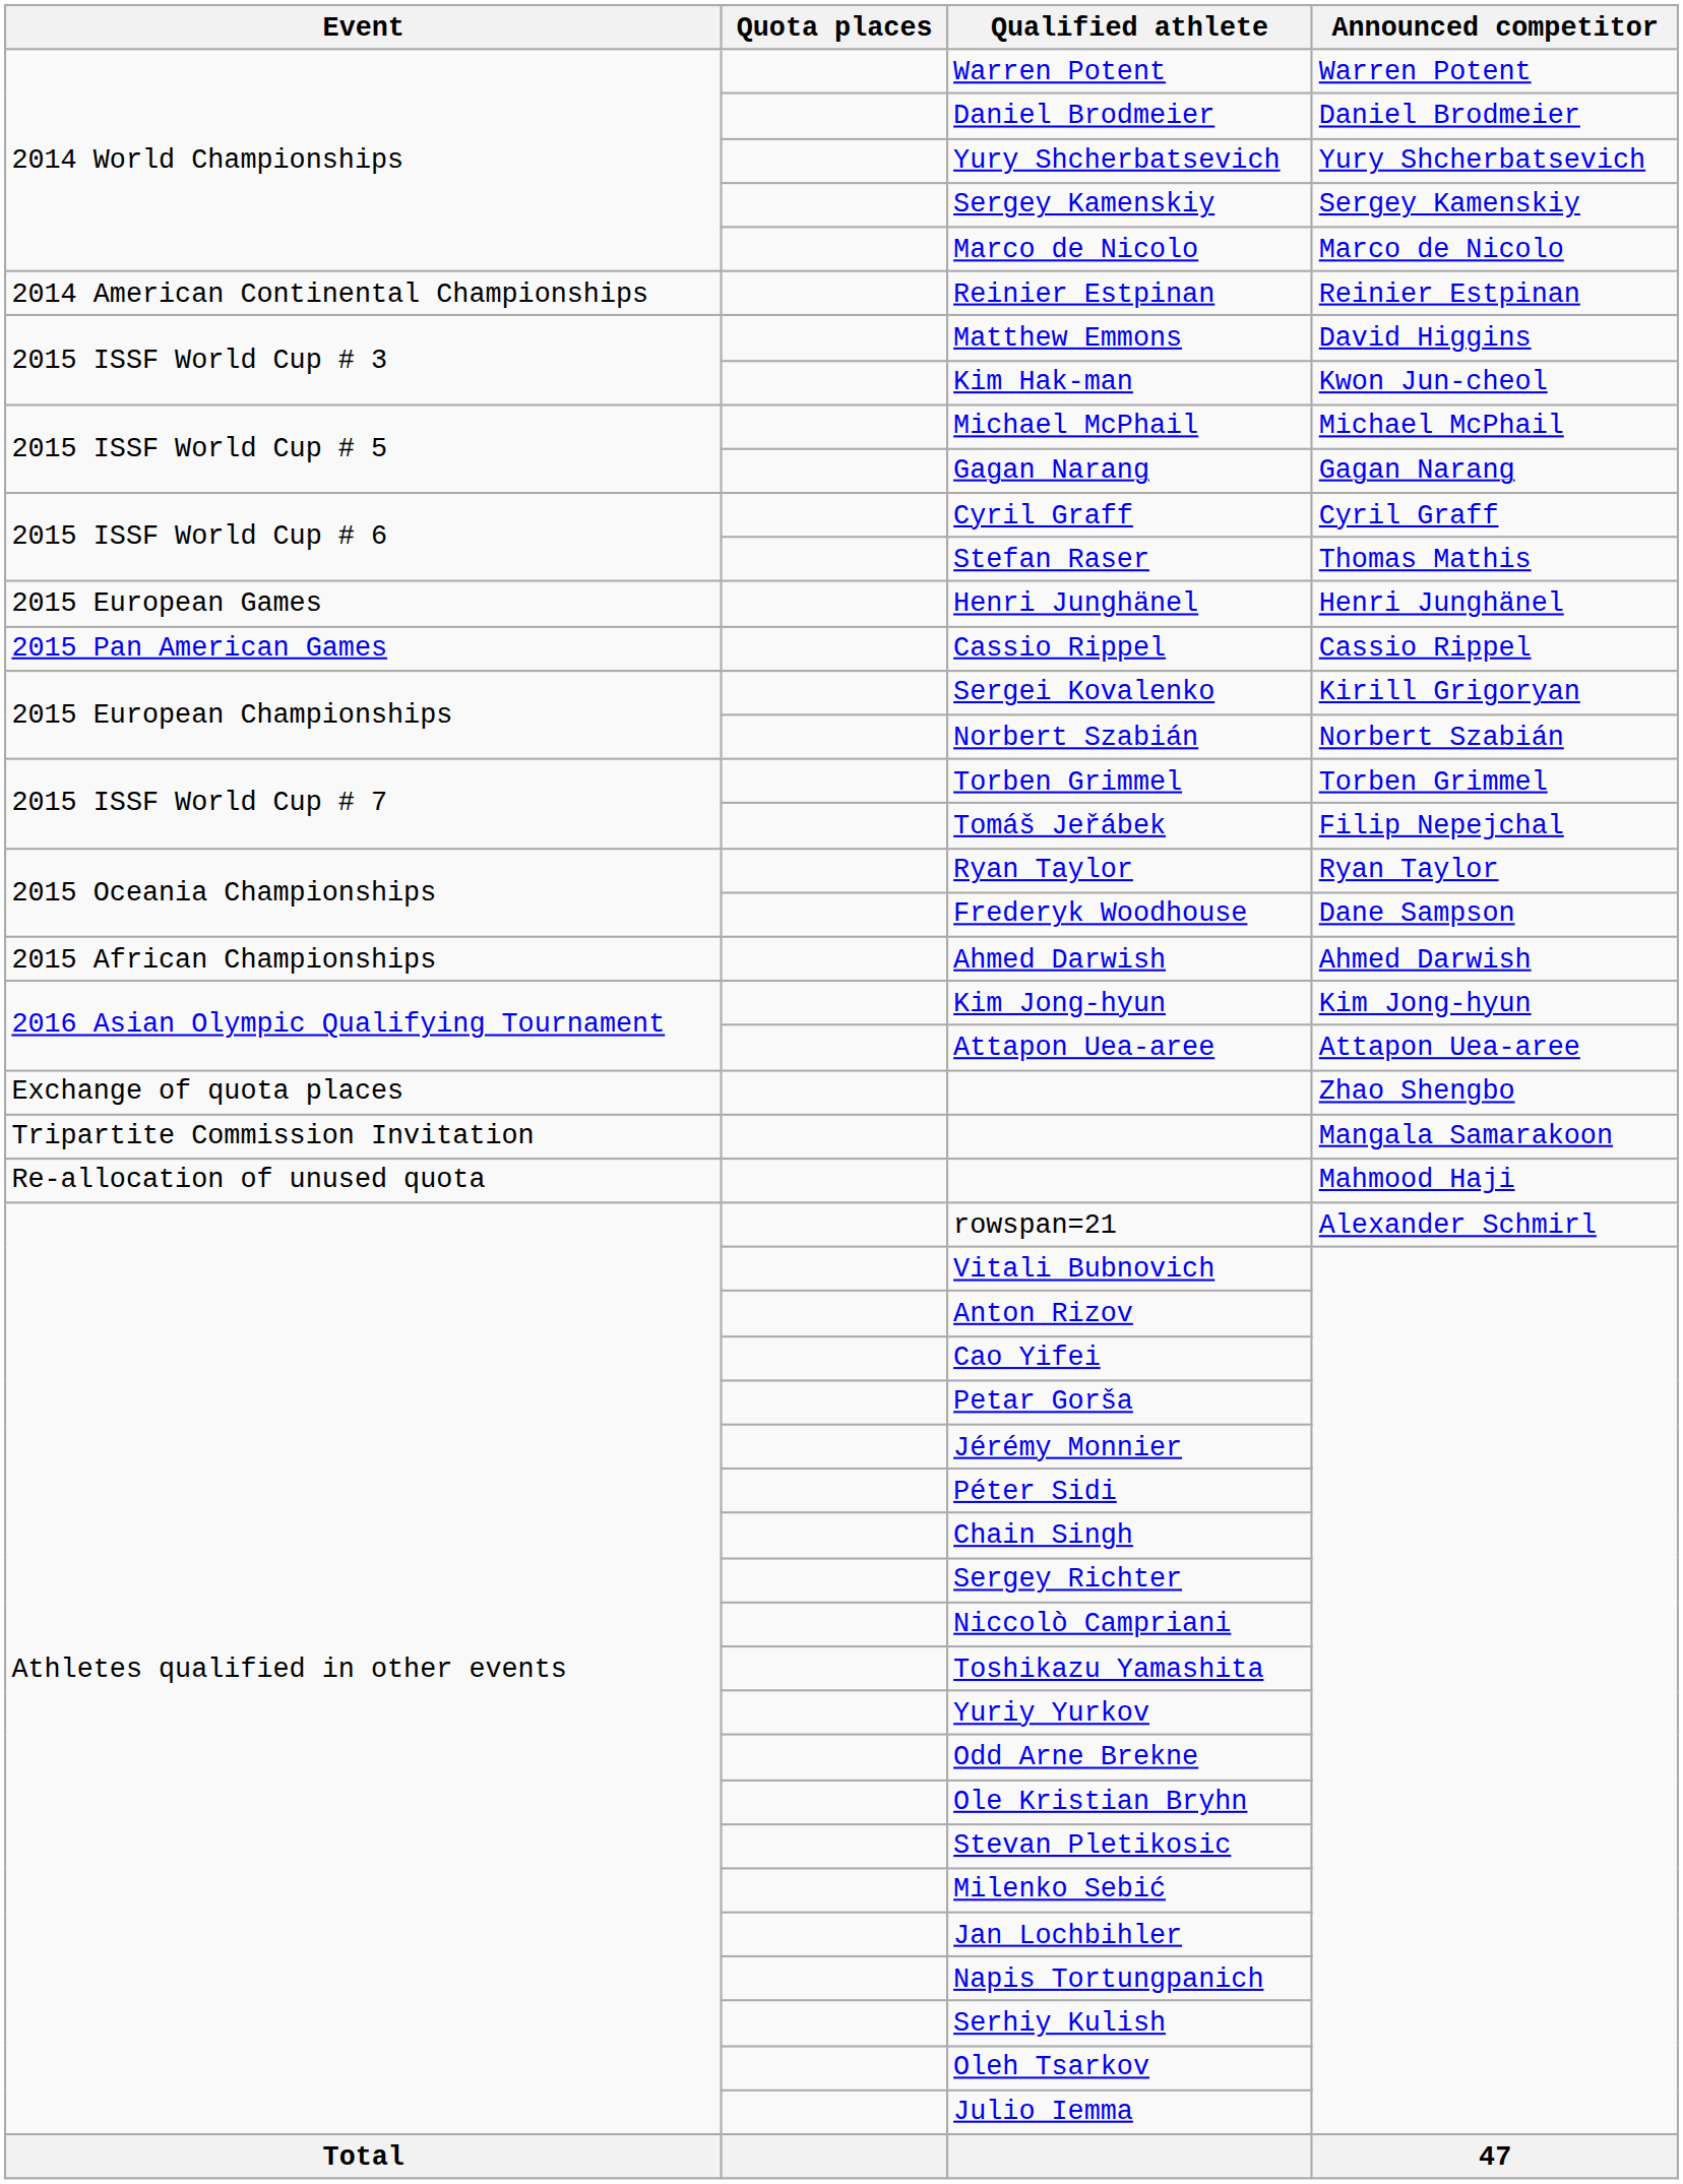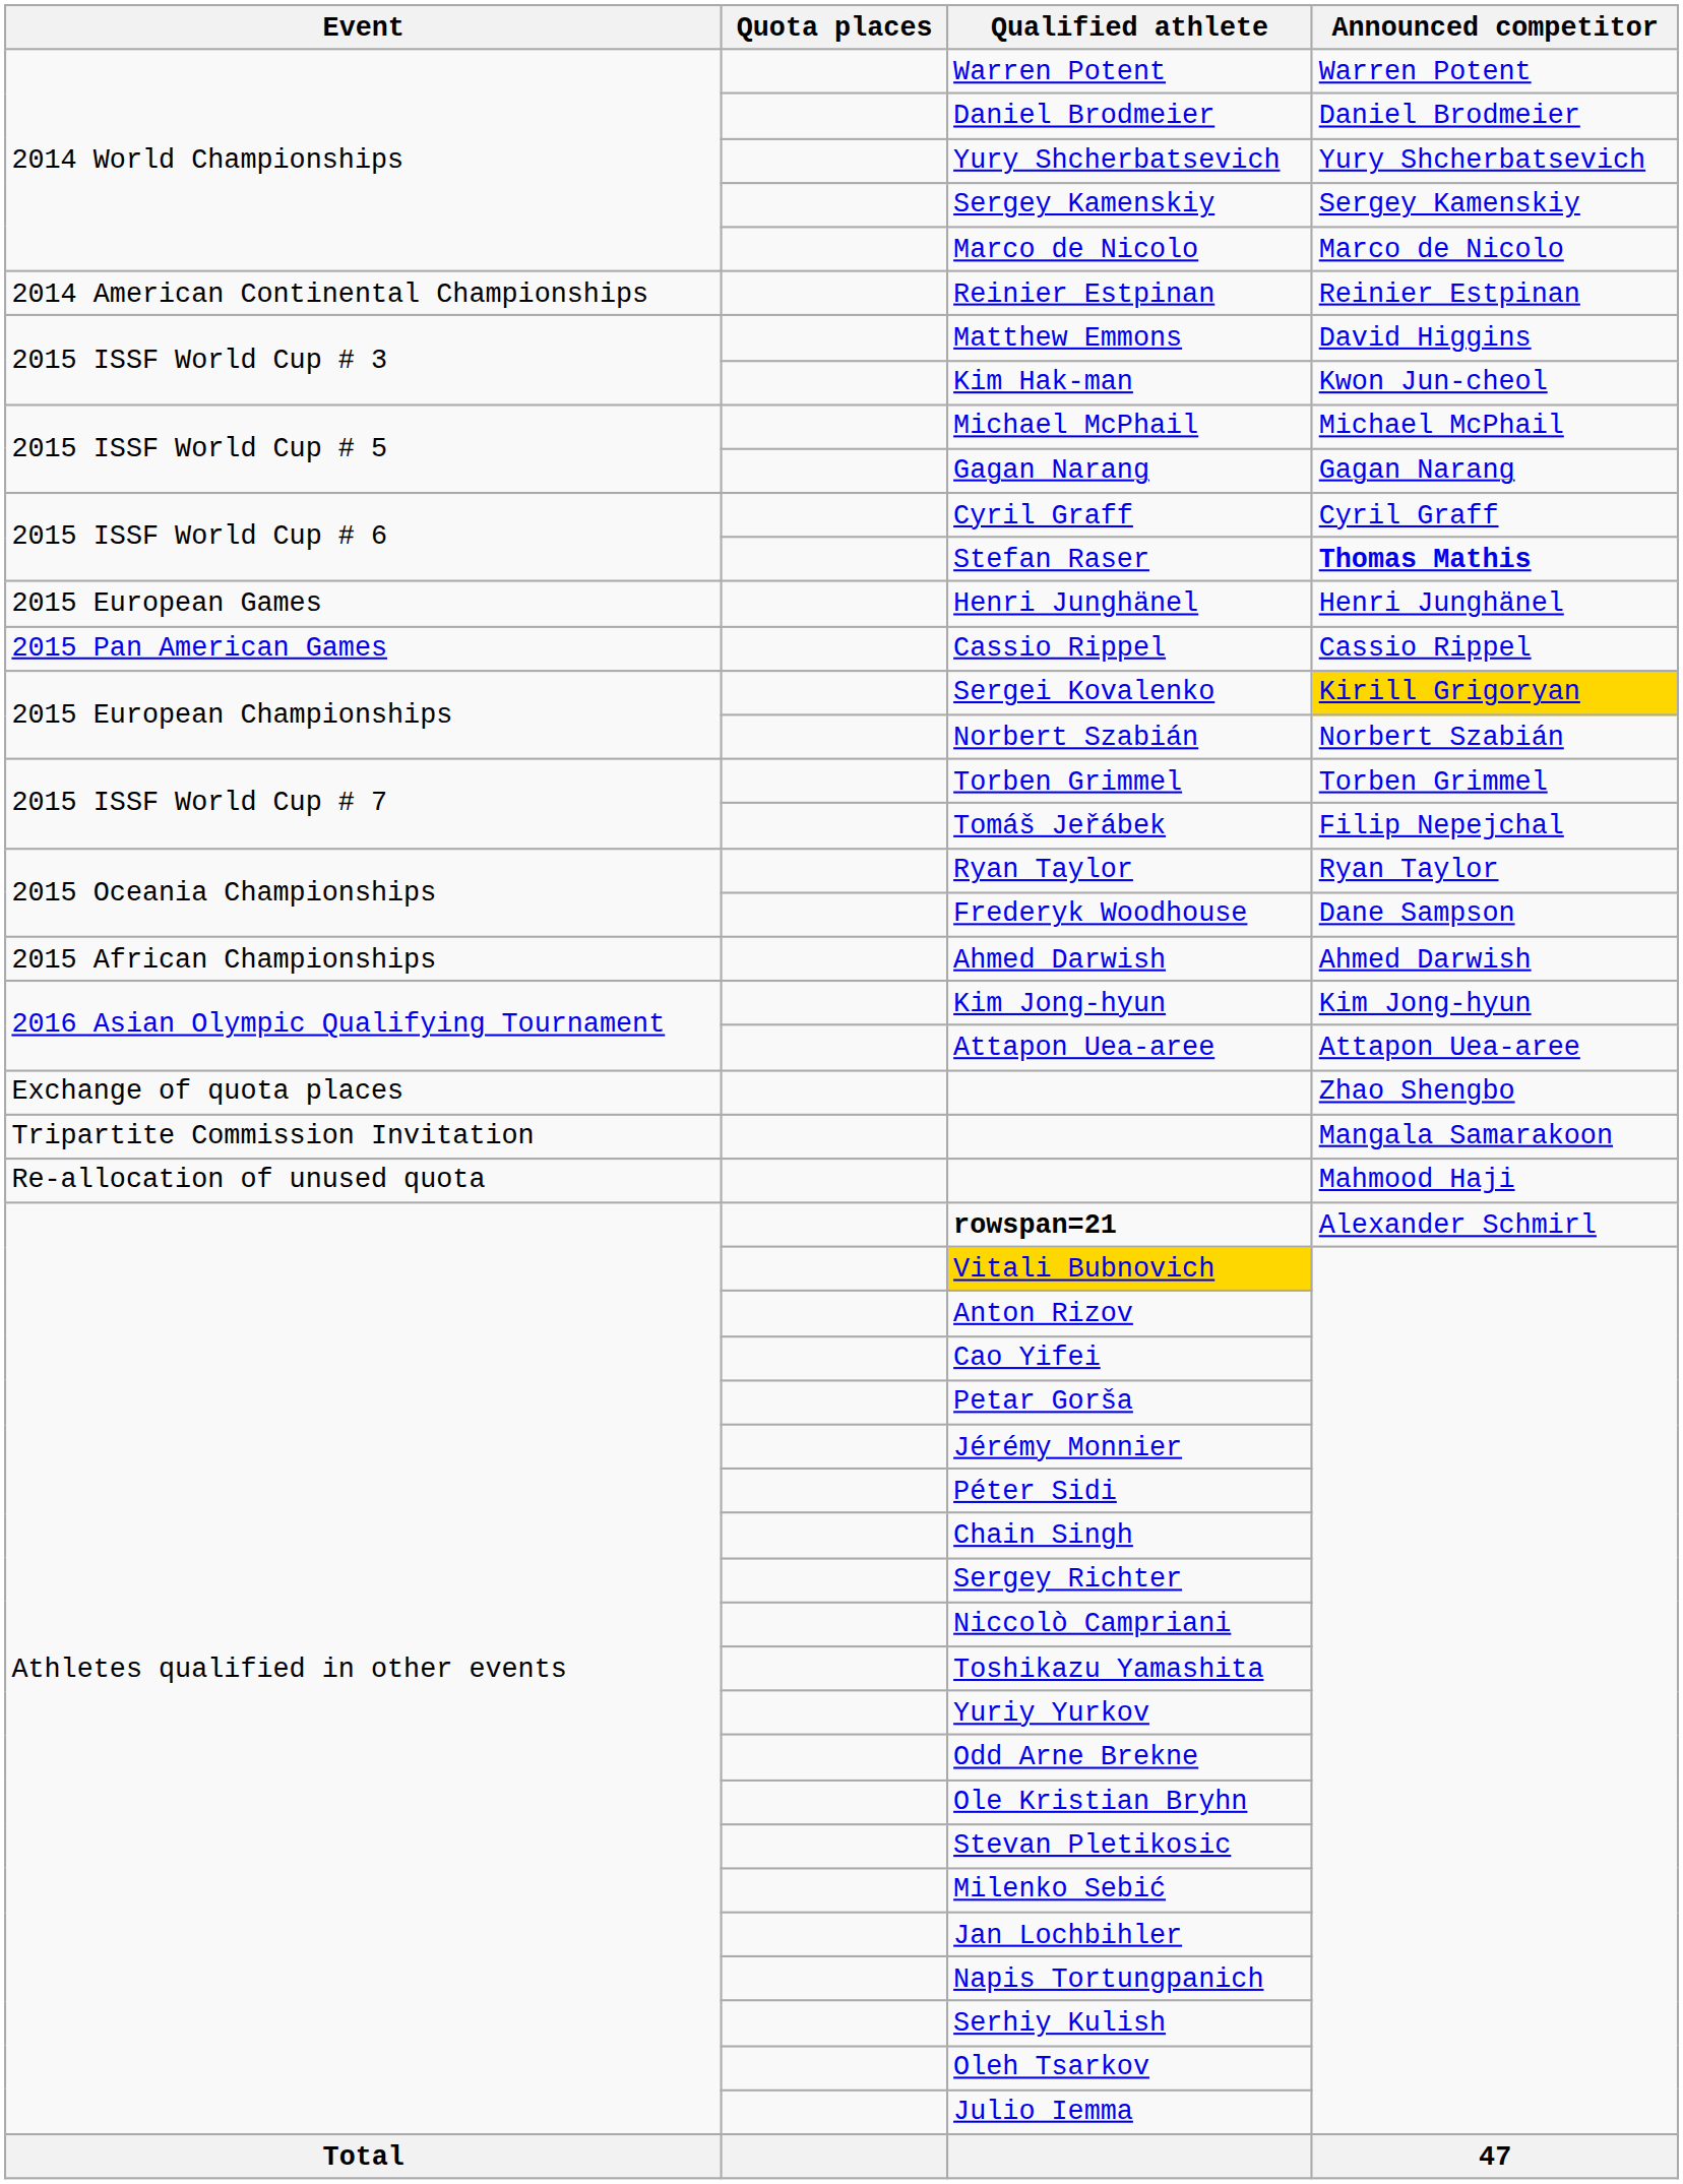 <table class=wikitable style="text-align:left" width=800>
 <tr>
 <th>Event</th>
 <th>Quota places</th>
 <th>Qualified athlete</th>
 <th>Announced competitor</th>
 </tr>
 <tr>
 <td rowspan="5">2014 World Championships</td>
 <td></td>
 <td><a href='#'>Warren Potent</a></td>
 <td><a href='#'>Warren Potent</a></td>
 </tr>
 <tr>
 <td></td>
 <td><a href='#'>Daniel Brodmeier</a></td>
 <td><a href='#'>Daniel Brodmeier</a></td>
 </tr>
 <tr>
 <td></td>
 <td><a href='#'>Yury Shcherbatsevich</a></td>
 <td><a href='#'>Yury Shcherbatsevich</a></td>
 </tr>
 <tr>
 <td></td>
 <td><a href='#'>Sergey Kamenskiy</a></td>
 <td><a href='#'>Sergey Kamenskiy</a></td>
 </tr>
 <tr>
 <td></td>
 <td><a href='#'>Marco de Nicolo</a></td>
 <td><a href='#'>Marco de Nicolo</a></td>
 </tr>
 <tr>
 <td>2014 American Continental Championships</td>
 <td></td>
 <td><a href='#'>Reinier Estpinan</a></td>
 <td><a href='#'>Reinier Estpinan</a></td>
 </tr>
 <tr>
 <td rowspan="2">2015 ISSF World Cup # 3</td>
 <td></td>
 <td><a href='#'>Matthew Emmons</a></td>
 <td><a href='#'>David Higgins</a></td>
 </tr>
 <tr>
 <td></td>
 <td><a href='#'>Kim Hak-man</a></td>
 <td><a href='#'>Kwon Jun-cheol</a></td>
 </tr>
 <tr>
 <td rowspan="2">2015 ISSF World Cup # 5</td>
 <td></td>
 <td><a href='#'>Michael McPhail</a></td>
 <td><a href='#'>Michael McPhail</a></td>
 </tr>
 <tr>
 <td></td>
 <td><a href='#'>Gagan Narang</a></td>
 <td><a href='#'>Gagan Narang</a></td>
 </tr>
 <tr>
 <td rowspan="2">2015 ISSF World Cup # 6</td>
 <td></td>
 <td><a href='#'>Cyril Graff</a></td>
 <td><a href='#'>Cyril Graff</a></td>
 </tr>
 <tr>
 <td></td>
 <td><a href='#'>Stefan Raser</a></td>
-<td><a href='#'>Thomas Mathis</a></td>
+<td><strong><a href='#'>Thomas Mathis</a></strong></td>
 </tr>
 <tr>
 <td rowspan="1">2015 European Games</td>
 <td></td>
 <td><a href='#'>Henri Junghänel</a></td>
 <td><a href='#'>Henri Junghänel</a></td>
 </tr>
 <tr>
 <td rowspan="1"><a href='#'>2015 Pan American Games</a></td>
 <td></td>
 <td><a href='#'>Cassio Rippel</a></td>
 <td><a href='#'>Cassio Rippel</a></td>
 </tr>
 <tr>
 <td rowspan="2">2015 European Championships</td>
 <td></td>
 <td><a href='#'>Sergei Kovalenko</a></td>
-<td><a href='#'>Kirill Grigoryan</a></td>
+<td style="background: gold;"><a href='#'>Kirill Grigoryan</a></td>
 </tr>
 <tr>
 <td></td>
 <td><a href='#'>Norbert Szabián</a></td>
 <td><a href='#'>Norbert Szabián</a></td>
 </tr>
 <tr>
 <td rowspan="2">2015 ISSF World Cup # 7</td>
 <td></td>
 <td><a href='#'>Torben Grimmel</a></td>
 <td><a href='#'>Torben Grimmel</a></td>
 </tr>
 <tr>
 <td></td>
 <td><a href='#'>Tomáš Jeřábek</a></td>
 <td><a href='#'>Filip Nepejchal</a></td>
 </tr>
 <tr>
 <td rowspan="2">2015 Oceania Championships</td>
 <td></td>
 <td><a href='#'>Ryan Taylor</a></td>
 <td><a href='#'>Ryan Taylor</a></td>
 </tr>
 <tr>
 <td></td>
 <td><a href='#'>Frederyk Woodhouse</a></td>
 <td><a href='#'>Dane Sampson</a></td>
 </tr>
 <tr>
 <td rowspan="1">2015 African Championships</td>
 <td></td>
 <td><a href='#'>Ahmed Darwish</a></td>
 <td><a href='#'>Ahmed Darwish</a></td>
 </tr>
 <tr>
 <td rowspan="2"><a href='#'>2016 Asian Olympic Qualifying Tournament</a></td>
 <td></td>
 <td><a href='#'>Kim Jong-hyun</a></td>
 <td><a href='#'>Kim Jong-hyun</a></td>
 </tr>
 <tr>
 <td></td>
 <td><a href='#'>Attapon Uea-aree</a></td>
 <td><a href='#'>Attapon Uea-aree</a></td>
 </tr>
 <tr>
 <td>Exchange of quota places</td>
 <td></td>
 <td></td>
 <td><a href='#'>Zhao Shengbo</a></td>
 </tr>
 <tr>
 <td>Tripartite Commission Invitation</td>
 <td></td>
 <td></td>
 <td><a href='#'>Mangala Samarakoon</a></td>
 </tr>
 <tr>
 <td>Re-allocation of unused quota</td>
 <td></td>
 <td></td>
 <td><a href='#'>Mahmood Haji</a></td>
 </tr>
 <tr>
 <td rowspan=21>Athletes qualified in other events</td>
 <td></td>
-<td>rowspan=21 </td>
+<td><strong>rowspan=21 </strong></td>
 <td><a href='#'>Alexander Schmirl</a></td>
 </tr>
 <tr>
 <td></td>
-<td><a href='#'>Vitali Bubnovich</a></td>
+<td style="background: gold;"><a href='#'>Vitali Bubnovich</a></td>
 </tr>
 <tr>
 <td></td>
 <td><a href='#'>Anton Rizov</a></td>
 </tr>
 <tr>
 <td></td>
 <td><a href='#'>Cao Yifei</a></td>
 </tr>
 <tr>
 <td></td>
 <td><a href='#'>Petar Gorša</a></td>
 </tr>
 <tr>
 <td></td>
 <td><a href='#'>Jérémy Monnier</a></td>
 </tr>
 <tr>
 <td></td>
 <td><a href='#'>Péter Sidi</a></td>
 </tr>
 <tr>
 <td></td>
 <td><a href='#'>Chain Singh</a></td>
 </tr>
 <tr>
 <td></td>
 <td><a href='#'>Sergey Richter</a></td>
 </tr>
 <tr>
 <td></td>
 <td><a href='#'>Niccolò Campriani</a></td>
 </tr>
 <tr>
 <td></td>
 <td><a href='#'>Toshikazu Yamashita</a></td>
 </tr>
 <tr>
 <td></td>
 <td><a href='#'>Yuriy Yurkov</a></td>
 </tr>
 <tr>
 <td></td>
 <td><a href='#'>Odd Arne Brekne</a></td>
 </tr>
 <tr>
 <td></td>
 <td><a href='#'>Ole Kristian Bryhn</a></td>
 </tr>
 <tr>
 <td></td>
 <td><a href='#'>Stevan Pletikosic</a></td>
 </tr>
 <tr>
 <td></td>
 <td><a href='#'>Milenko Sebić</a></td>
 </tr>
 <tr>
 <td></td>
 <td><a href='#'>Jan Lochbihler</a></td>
 </tr>
 <tr>
 <td></td>
 <td><a href='#'>Napis Tortungpanich</a></td>
 </tr>
 <tr>
 <td></td>
 <td><a href='#'>Serhiy Kulish</a></td>
 </tr>
 <tr>
 <td></td>
 <td><a href='#'>Oleh Tsarkov</a></td>
 </tr>
 <tr>
 <td></td>
 <td><a href='#'>Julio Iemma</a></td>
 </tr>
 <tr>
 <th>Total</th>
 <th></th>
 <th></th>
 <th>47</th>
 </tr>
 </table>
